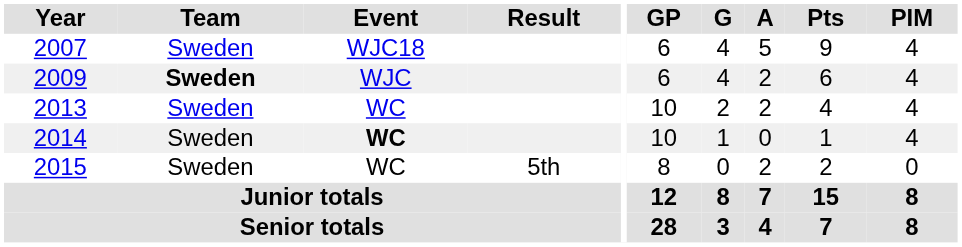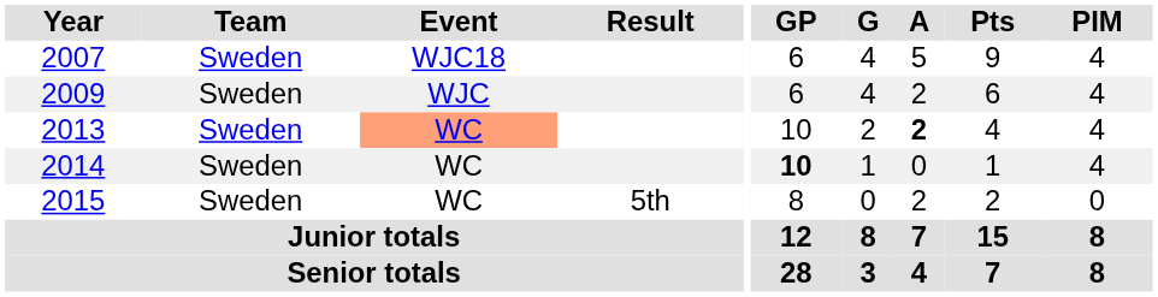 <table border="0" cellpadding="1" cellspacing="0" ID="Table3" style="text-align:center; width:40em">
 <tr ALIGN="center" bgcolor="#e0e0e0">
 <th>Year</th>
 <th>Team</th>
 <th>Event</th>
 <th>Result</th>
 <th rowspan="99" bgcolor="#ffffff"></th>
 <th>GP</th>
 <th>G</th>
 <th>A</th>
 <th>Pts</th>
 <th>PIM</th>
 </tr>
 <tr>
 <td><a href='#'>2007</a></td>
 <td><a href='#'>Sweden</a></td>
 <td><a href='#'>WJC18</a></td>
 <td></td>
 <td>6</td>
 <td>4</td>
 <td>5</td>
 <td>9</td>
 <td>4</td>
 </tr>
 <tr bgcolor="#f0f0f0">
 <td><a href='#'>2009</a></td>
-<td><strong>Sweden</strong></td>
+<td>Sweden</td>
 <td><a href='#'>WJC</a></td>
 <td></td>
 <td>6</td>
 <td>4</td>
 <td>2</td>
 <td>6</td>
 <td>4</td>
 </tr>
 <tr>
 <td><a href='#'>2013</a></td>
 <td><a href='#'>Sweden</a></td>
-<td><a href='#'>WC</a></td>
+<td style="background: lightsalmon;"><a href='#'>WC</a></td>
 <td></td>
 <td>10</td>
 <td>2</td>
-<td>2</td>
+<td><strong>2</strong></td>
 <td>4</td>
 <td>4</td>
 </tr>
 <tr bgcolor="#f0f0f0">
 <td><a href='#'>2014</a></td>
 <td>Sweden</td>
-<td><strong>WC</strong></td>
+<td>WC</td>
 <td></td>
-<td>10</td>
+<td><strong>10</strong></td>
 <td>1</td>
 <td>0</td>
 <td>1</td>
 <td>4</td>
 </tr>
 <tr>
 <td><a href='#'>2015</a></td>
 <td>Sweden</td>
 <td>WC</td>
 <td>5th</td>
 <td>8</td>
 <td>0</td>
 <td>2</td>
 <td>2</td>
 <td>0</td>
 </tr>
 <tr bgcolor="#e0e0e0">
 <th colspan="4">Junior totals</th>
 <th>12</th>
 <th>8</th>
 <th>7</th>
 <th>15</th>
 <th>8</th>
 </tr>
 <tr bgcolor="#e0e0e0">
 <th colspan="4">Senior totals</th>
 <th>28</th>
 <th>3</th>
 <th>4</th>
 <th>7</th>
 <th>8</th>
 </tr>
 </table>
